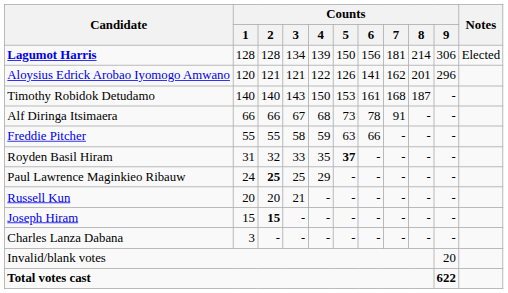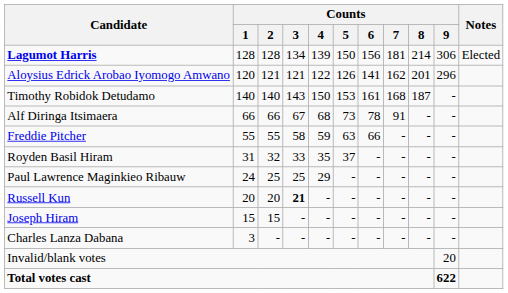 <table class=wikitable style=text-align:right>
 <tr>
 <th rowspan=2>Candidate</th>
 <th colspan=9>Counts</th>
 <th rowspan=2>Notes</th>
 </tr>
 <tr>
 <th>1</th>
 <th>2</th>
 <th>3</th>
 <th>4</th>
 <th>5</th>
 <th>6</th>
 <th>7</th>
 <th>8</th>
 <th>9</th>
 </tr>
 <tr>
 <td align=left><strong><a href='#'>Lagumot Harris</a></strong></td>
 <td>128</td>
 <td>128</td>
 <td>134</td>
 <td>139</td>
 <td>150</td>
 <td>156</td>
 <td>181</td>
 <td>214</td>
 <td>306</td>
 <td align=left>Elected</td>
 </tr>
 <tr>
 <td align=left><a href='#'>Aloysius Edrick Arobao Iyomogo Amwano</a></td>
 <td>120</td>
 <td>121</td>
 <td>121</td>
 <td>122</td>
 <td>126</td>
 <td>141</td>
 <td>162</td>
 <td>201</td>
 <td>296</td>
 <td align=left></td>
 </tr>
 <tr>
 <td align=left>Timothy Robidok Detudamo</td>
 <td>140</td>
 <td>140</td>
 <td>143</td>
 <td>150</td>
 <td>153</td>
 <td>161</td>
 <td>168</td>
 <td>187</td>
 <td>-</td>
 <td align=left></td>
 </tr>
 <tr>
 <td align=left>Alf Diringa Itsimaera</td>
 <td>66</td>
 <td>66</td>
 <td>67</td>
 <td>68</td>
 <td>73</td>
 <td>78</td>
 <td>91</td>
 <td>-</td>
 <td>-</td>
 <td align=left></td>
 </tr>
 <tr>
 <td align=left><a href='#'>Freddie Pitcher</a></td>
 <td>55</td>
 <td>55</td>
 <td>58</td>
 <td>59</td>
 <td>63</td>
 <td>66</td>
 <td>-</td>
 <td>-</td>
 <td>-</td>
 <td align=left></td>
 </tr>
 <tr>
 <td align=left>Royden Basil Hiram</td>
 <td>31</td>
 <td>32</td>
 <td>33</td>
 <td>35</td>
-<td><strong>37</strong></td>
+<td>37</td>
 <td>-</td>
 <td>-</td>
 <td>-</td>
 <td>-</td>
 <td align=left></td>
 </tr>
 <tr>
 <td align=left>Paul Lawrence Maginkieo Ribauw</td>
 <td>24</td>
-<td><strong>25</strong></td>
+<td>25</td>
 <td>25</td>
 <td>29</td>
 <td>-</td>
 <td>-</td>
 <td>-</td>
 <td>-</td>
 <td>-</td>
 <td align=left></td>
 </tr>
 <tr>
 <td align=left><a href='#'>Russell Kun</a></td>
 <td>20</td>
 <td>20</td>
-<td>21</td>
+<td><strong>21</strong></td>
 <td>-</td>
 <td>-</td>
 <td>-</td>
 <td>-</td>
 <td>-</td>
 <td>-</td>
 <td align=left></td>
 </tr>
 <tr>
 <td align=left><a href='#'>Joseph Hiram</a></td>
 <td>15</td>
-<td><strong>15</strong></td>
+<td>15</td>
 <td>-</td>
 <td>-</td>
 <td>-</td>
 <td>-</td>
 <td>-</td>
 <td>-</td>
 <td>-</td>
 <td align=left></td>
 </tr>
 <tr>
 <td align=left>Charles Lanza Dabana</td>
 <td>3</td>
 <td>-</td>
 <td>-</td>
 <td>-</td>
 <td>-</td>
 <td>-</td>
 <td>-</td>
 <td>-</td>
 <td>-</td>
 <td align=left></td>
 </tr>
 <tr>
 <td align=left colspan=9>Invalid/blank votes</td>
 <td>20</td>
 <td></td>
 </tr>
 <tr>
 <td align=left colspan=9><strong>Total votes cast</strong></td>
 <td><strong>622</strong></td>
 <td></td>
 </tr>
 </table>
